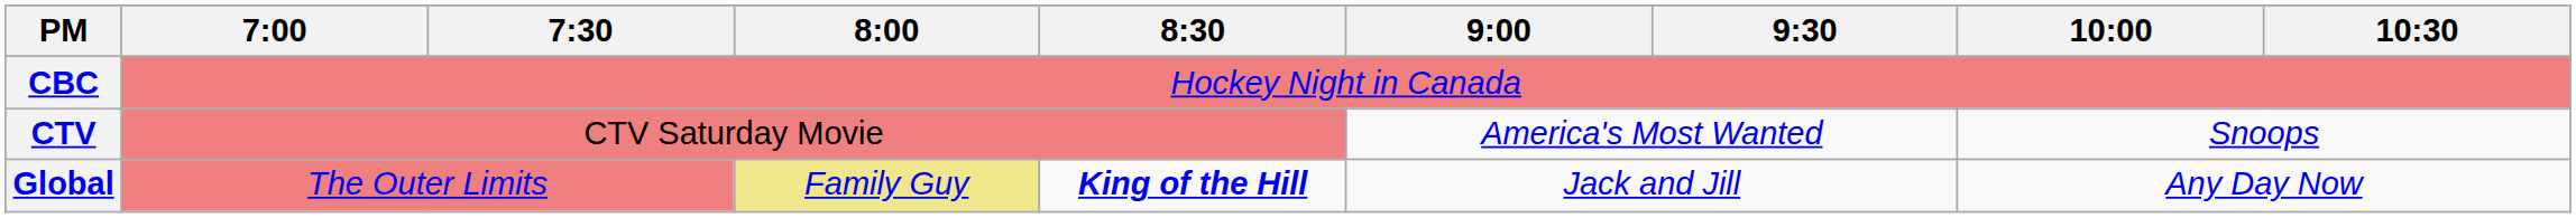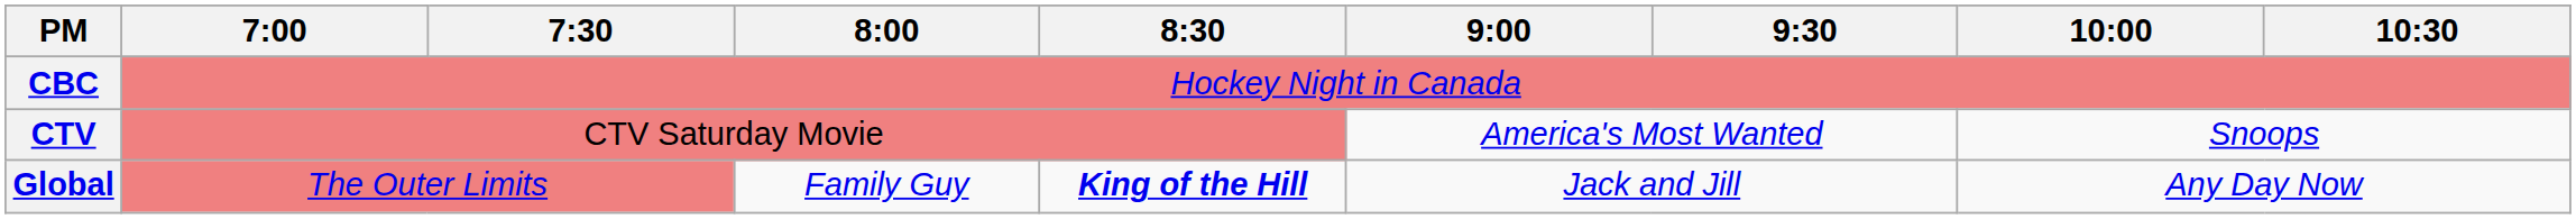 <table class="wikitable" width="100%">
 <tr>
 <th width="4%">PM</th>
 <th width="12%">7:00</th>
 <th width="12%">7:30</th>
 <th width="12%">8:00</th>
 <th width="12%">8:30</th>
 <th width="12%">9:00</th>
 <th width="12%">9:30</th>
 <th width="12%">10:00</th>
 <th width="12%">10:30</th>
 </tr>
 <tr align="center">
 <th><a href='#'>CBC</a></th>
 <td colspan="8" align="center" bgcolor="#F08080"><em><a href='#'>Hockey Night in Canada</a></em></td>
 </tr>
 <tr align="center">
 <th><a href='#'>CTV</a></th>
 <td colspan="4" align="center" bgcolor="#F08080">CTV Saturday Movie</td>
 <td colspan="2" align="center"><em><a href='#'>America's Most Wanted</a></em></td>
 <td colspan="2" align="center"><em><a href='#'>Snoops</a></em></td>
 </tr>
 <tr align="center">
 <th><a href='#'>Global</a></th>
 <td colspan="2" align="center" bgcolor="#F08080"><em><a href='#'>The Outer Limits</a></em></td>
-<td colspan="1" align="center" style="background: khaki;"><em><a href='#'>Family Guy</a></em></td>
+<td colspan="1" align="center"><em><a href='#'>Family Guy</a></em></td>
 <td colspan="1" align="center"><strong><em><a href='#'>King of the Hill</a></em></strong></td>
 <td colspan="2" align="center"><em><a href='#'>Jack and Jill</a></em></td>
 <td colspan="2" align="center"><em><a href='#'>Any Day Now</a></em></td>
 </tr>
 </table>
